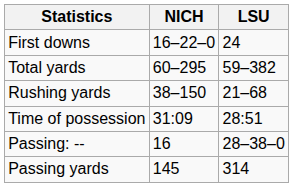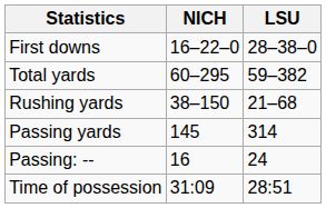 <table class="wikitable" style="float: left;">
 <tr>
 <th>Statistics</th>
 <th>NICH</th>
 <th>LSU</th>
 </tr>
 <tr>
 <td>First downs</td>
 <td>16–22–0</td>
-<td>24</td>
+<td>28–38–0</td>
 </tr>
 <tr>
 <td>Total yards</td>
 <td>60–295</td>
 <td>59–382</td>
 </tr>
 <tr>
 <td>Rushing yards</td>
 <td>38–150</td>
 <td>21–68</td>
 </tr>
 <tr>
+<td>Passing yards</td>
+<td>145</td>
+<td>314</td>
+</tr>
+<tr>
+<td>Passing: --</td>
+<td>16</td>
+<td>24</td>
+</tr>
+<tr>
 <td>Time of possession</td>
 <td>31:09</td>
 <td>28:51</td>
 </tr>
-<tr>
-<td>Passing: --</td>
-<td>16</td>
-<td>28–38–0</td>
-</tr>
-<tr>
-<td>Passing yards</td>
-<td>145</td>
-<td>314</td>
-</tr>
 </table>
